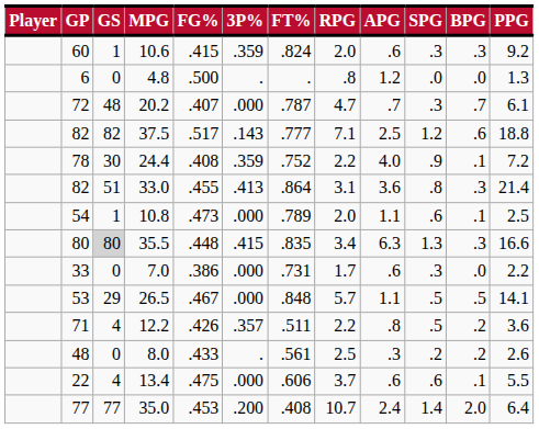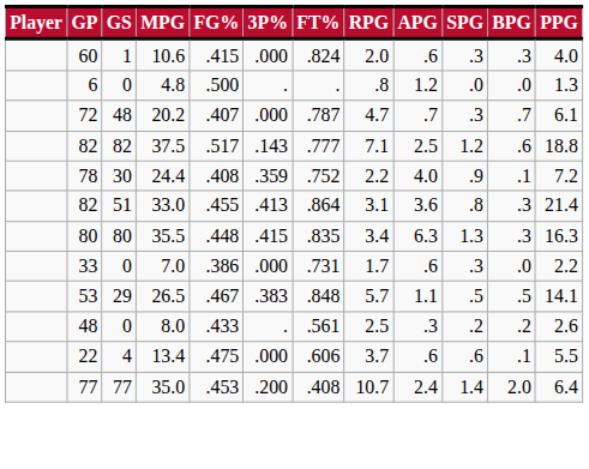 <table class="wikitable sortable" style="text-align:right;">
 <tr>
 <th style="background:#BA0C2F; color:#FFFFFF; border-top:#010101 3px solid; border-bottom:#010101 3px solid;">Player</th>
 <th style="background:#BA0C2F; color:#FFFFFF; border-top:#010101 3px solid; border-bottom:#010101 3px solid;">GP</th>
 <th style="background:#BA0C2F; color:#FFFFFF; border-top:#010101 3px solid; border-bottom:#010101 3px solid;">GS</th>
 <th style="background:#BA0C2F; color:#FFFFFF; border-top:#010101 3px solid; border-bottom:#010101 3px solid;">MPG</th>
 <th style="background:#BA0C2F; color:#FFFFFF; border-top:#010101 3px solid; border-bottom:#010101 3px solid;">FG%</th>
 <th style="background:#BA0C2F; color:#FFFFFF; border-top:#010101 3px solid; border-bottom:#010101 3px solid;">3P%</th>
 <th style="background:#BA0C2F; color:#FFFFFF; border-top:#010101 3px solid; border-bottom:#010101 3px solid;">FT%</th>
 <th style="background:#BA0C2F; color:#FFFFFF; border-top:#010101 3px solid; border-bottom:#010101 3px solid;">RPG</th>
 <th style="background:#BA0C2F; color:#FFFFFF; border-top:#010101 3px solid; border-bottom:#010101 3px solid;">APG</th>
 <th style="background:#BA0C2F; color:#FFFFFF; border-top:#010101 3px solid; border-bottom:#010101 3px solid;">SPG</th>
 <th style="background:#BA0C2F; color:#FFFFFF; border-top:#010101 3px solid; border-bottom:#010101 3px solid;">BPG</th>
 <th style="background:#BA0C2F; color:#FFFFFF; border-top:#010101 3px solid; border-bottom:#010101 3px solid;">PPG</th>
 </tr>
 <tr>
 <td></td>
 <td>60</td>
 <td>1</td>
 <td>10.6</td>
 <td>.415</td>
-<td>.359</td>
+<td>.000</td>
 <td>.824</td>
 <td>2.0</td>
 <td>.6</td>
 <td>.3</td>
 <td>.3</td>
-<td>9.2</td>
+<td>4.0</td>
 </tr>
 <tr>
 <td></td>
 <td>6</td>
 <td>0</td>
 <td>4.8</td>
 <td>.500</td>
 <td>.</td>
 <td>.</td>
 <td>.8</td>
 <td>1.2</td>
 <td>.0</td>
 <td>.0</td>
 <td>1.3</td>
 </tr>
 <tr>
 <td></td>
 <td>72</td>
 <td>48</td>
 <td>20.2</td>
 <td>.407</td>
 <td>.000</td>
 <td>.787</td>
 <td>4.7</td>
 <td>.7</td>
 <td>.3</td>
 <td>.7</td>
 <td>6.1</td>
 </tr>
 <tr>
 <td></td>
 <td>82</td>
 <td>82</td>
 <td>37.5</td>
 <td>.517</td>
 <td>.143</td>
 <td>.777</td>
 <td>7.1</td>
 <td>2.5</td>
 <td>1.2</td>
 <td>.6</td>
 <td>18.8</td>
 </tr>
 <tr>
 <td></td>
 <td>78</td>
 <td>30</td>
 <td>24.4</td>
 <td>.408</td>
 <td>.359</td>
 <td>.752</td>
 <td>2.2</td>
 <td>4.0</td>
 <td>.9</td>
 <td>.1</td>
 <td>7.2</td>
 </tr>
 <tr>
 <td></td>
 <td>82</td>
 <td>51</td>
 <td>33.0</td>
 <td>.455</td>
 <td>.413</td>
 <td>.864</td>
 <td>3.1</td>
 <td>3.6</td>
 <td>.8</td>
 <td>.3</td>
 <td>21.4</td>
 </tr>
 <tr>
 <td></td>
-<td>54</td>
-<td>1</td>
-<td>10.8</td>
-<td>.473</td>
-<td>.000</td>
-<td>.789</td>
-<td>2.0</td>
-<td>1.1</td>
-<td>.6</td>
-<td>.1</td>
-<td>2.5</td>
-</tr>
-<tr>
-<td></td>
 <td>80</td>
-<td style="background: lightgrey;">80</td>
+<td>80</td>
 <td>35.5</td>
 <td>.448</td>
 <td>.415</td>
 <td>.835</td>
 <td>3.4</td>
 <td>6.3</td>
 <td>1.3</td>
 <td>.3</td>
-<td>16.6</td>
+<td>16.3</td>
 </tr>
 <tr>
 <td></td>
 <td>33</td>
 <td>0</td>
 <td>7.0</td>
 <td>.386</td>
 <td>.000</td>
 <td>.731</td>
 <td>1.7</td>
 <td>.6</td>
 <td>.3</td>
 <td>.0</td>
 <td>2.2</td>
 </tr>
 <tr>
 <td></td>
 <td>53</td>
 <td>29</td>
 <td>26.5</td>
 <td>.467</td>
-<td>.000</td>
+<td>.383</td>
 <td>.848</td>
 <td>5.7</td>
 <td>1.1</td>
 <td>.5</td>
 <td>.5</td>
 <td>14.1</td>
-</tr>
-<tr>
-<td></td>
-<td>71</td>
-<td>4</td>
-<td>12.2</td>
-<td>.426</td>
-<td>.357</td>
-<td>.511</td>
-<td>2.2</td>
-<td>.8</td>
-<td>.5</td>
-<td>.2</td>
-<td>3.6</td>
 </tr>
 <tr>
 <td></td>
 <td>48</td>
 <td>0</td>
 <td>8.0</td>
 <td>.433</td>
 <td>.</td>
 <td>.561</td>
 <td>2.5</td>
 <td>.3</td>
 <td>.2</td>
 <td>.2</td>
 <td>2.6</td>
 </tr>
 <tr>
 <td></td>
 <td>22</td>
 <td>4</td>
 <td>13.4</td>
 <td>.475</td>
 <td>.000</td>
 <td>.606</td>
 <td>3.7</td>
 <td>.6</td>
 <td>.6</td>
 <td>.1</td>
 <td>5.5</td>
 </tr>
 <tr>
 <td></td>
 <td>77</td>
 <td>77</td>
 <td>35.0</td>
 <td>.453</td>
 <td>.200</td>
 <td>.408</td>
 <td>10.7</td>
 <td>2.4</td>
 <td>1.4</td>
 <td>2.0</td>
 <td>6.4</td>
 </tr>
 </table>
